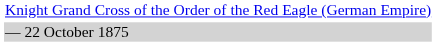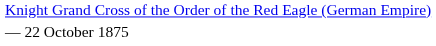 <table>
 <tr>
 <td rowspan=2 style="width:60px; vertical-align:top;"></td>
 <td><a href='#'>Knight Grand Cross of the Order of the Red Eagle (German Empire)</a></td>
 </tr>
 <tr>
-<td style="background: lightgrey;">— 22 October 1875</td>
+<td>— 22 October 1875</td>
 </tr>
 </table>
